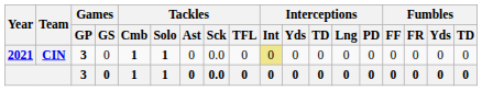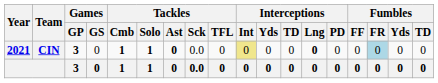 <table class="wikitable" style="text-align:center">
 <tr>
 <th rowspan="2">Year</th>
 <th rowspan="2">Team</th>
 <th colspan="2">Games</th>
 <th colspan="5">Tackles</th>
 <th colspan="5">Interceptions</th>
 <th colspan="4">Fumbles</th>
 </tr>
 <tr>
 <th>GP</th>
 <th>GS</th>
 <th>Cmb</th>
 <th>Solo</th>
 <th>Ast</th>
 <th>Sck</th>
 <th>TFL</th>
 <th>Int</th>
 <th>Yds</th>
 <th>TD</th>
 <th>Lng</th>
 <th>PD</th>
 <th>FF</th>
 <th>FR</th>
 <th>Yds</th>
 <th>TD</th>
 </tr>
 <tr>
 <th><a href='#'>2021</a></th>
 <th><a href='#'>CIN</a></th>
 <td><strong>3</strong></td>
 <td>0</td>
 <td><strong>1</strong></td>
 <td><strong>1</strong></td>
-<td>0</td>
+<td><strong>0</strong></td>
 <td>0.0</td>
 <td>0</td>
 <td style="background: khaki;">0</td>
 <td>0</td>
 <td>0</td>
+<td><strong>0</strong></td>
 <td>0</td>
 <td>0</td>
-<td>0</td>
-<td>0</td>
+<td style="background: lightblue;">0</td>
 <td>0</td>
 <td>0</td>
 </tr>
 <tr>
 <th colspan="2"></th>
 <th>3</th>
 <th>0</th>
 <th>1</th>
 <th>1</th>
 <th>0</th>
 <th>0.0</th>
 <th>0</th>
 <th>0</th>
 <th>0</th>
 <th>0</th>
 <th>0</th>
 <th>0</th>
 <th>0</th>
 <th>0</th>
 <th>0</th>
 <th>0</th>
 </tr>
 </table>
